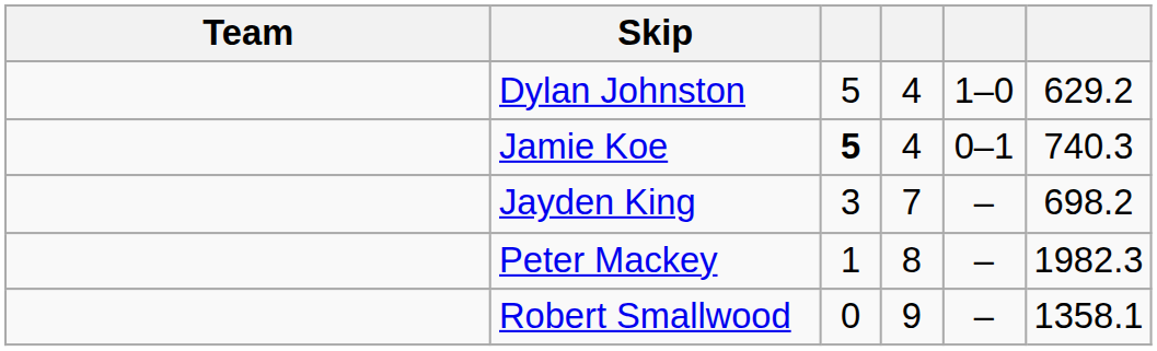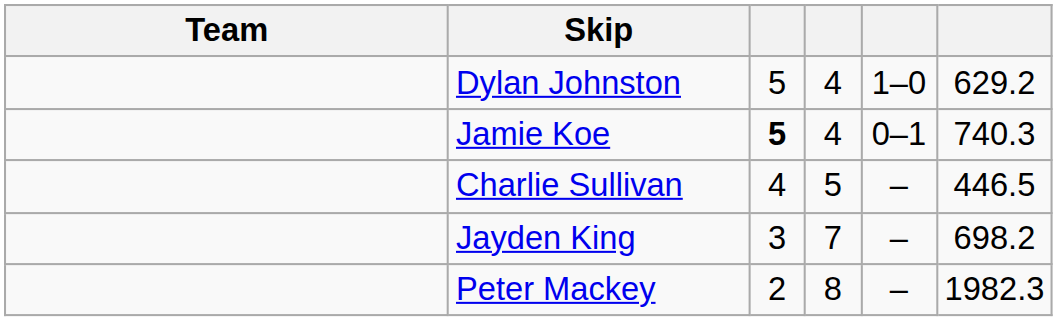 <table class="wikitable" style="text-align: center;">
 <tr>
 <th width=210>Team</th>
 <th width=140>Skip</th>
 <th width=20></th>
 <th width=20></th>
 <th width=30></th>
 <th width=20></th>
 </tr>
 <tr>
 <td style="text-align:left;"></td>
 <td style="text-align:left;"><a href='#'>Dylan Johnston</a></td>
 <td>5</td>
 <td>4</td>
 <td>1–0</td>
 <td>629.2</td>
 </tr>
 <tr>
 <td style="text-align:left;"></td>
 <td style="text-align:left;"><a href='#'>Jamie Koe</a></td>
 <td><strong>5</strong></td>
 <td>4</td>
 <td>0–1</td>
 <td>740.3</td>
 </tr>
 <tr>
 <td style="text-align:left;"></td>
+<td style="text-align:left;"><a href='#'>Charlie Sullivan</a></td>
+<td>4</td>
+<td>5</td>
+<td>–</td>
+<td>446.5</td>
+</tr>
+<tr>
+<td style="text-align:left;"></td>
 <td style="text-align:left;"><a href='#'>Jayden King</a></td>
 <td>3</td>
 <td>7</td>
 <td>–</td>
 <td>698.2</td>
 </tr>
 <tr>
 <td style="text-align:left;"></td>
 <td style="text-align:left;"><a href='#'>Peter Mackey</a></td>
-<td>1</td>
+<td>2</td>
 <td>8</td>
 <td>–</td>
 <td>1982.3</td>
 </tr>
-<tr>
-<td style="text-align:left;"></td>
-<td style="text-align:left;"><a href='#'>Robert Smallwood</a></td>
-<td>0</td>
-<td>9</td>
-<td>–</td>
-<td>1358.1</td>
-</tr>
 </table>
